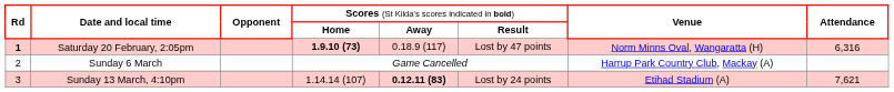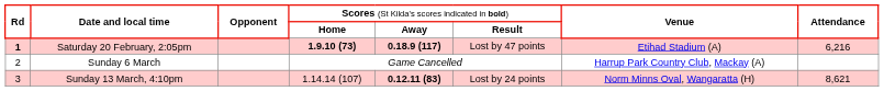 <table border="1" cellpadding="3" cellspacing="0" style="border-collapse:collapse; font-size:90%; text-align:center; width:100%;">
 <tr>
 <td rowspan="2" style="border: solid #ED0F05 2px;"><strong>Rd</strong></td>
 <td rowspan="2" style="border: solid #ED0F05 2px;"><strong>Date and local time</strong></td>
 <td rowspan="2" style="border: solid #ED0F05 2px;"><strong>Opponent</strong></td>
 <td colspan="3" style="border: solid #ED0F05 2px;"><strong>Scores</strong> <small>(St Kilda's scores indicated in <strong>bold</strong>)</small></td>
 <td rowspan="2" style="border: solid #ED0F05 2px;"><strong>Venue</strong></td>
 <td rowspan="2" style="border: solid #ED0F05 2px;"><strong>Attendance</strong></td>
 </tr>
 <tr>
 <th><span>Home</span></th>
 <th><span>Away</span></th>
 <th><span>Result</span></th>
 </tr>
 <tr style="background:#fcc;">
 <td><strong>1</strong></td>
 <td>Saturday 20 February, 2:05pm</td>
 <td></td>
 <td><strong>1.9.10 (73)</strong></td>
-<td>0.18.9 (117)</td>
+<td><strong>0.18.9 (117)</strong></td>
 <td>Lost by 47 points</td>
-<td><a href='#'>Norm Minns Oval</a>, <a href='#'>Wangaratta</a> (H)</td>
-<td>6,316</td>
+<td><a href='#'>Etihad Stadium</a> (A)</td>
+<td>6,216</td>
 </tr>
 <tr style="background:white">
 <td>2</td>
 <td>Sunday 6 March</td>
 <td></td>
 <td colspan="3"><em>Game Cancelled</em></td>
 <td><a href='#'>Harrup Park Country Club</a>, <a href='#'>Mackay</a> (A)</td>
 <td></td>
 </tr>
 <tr style="background:#fcc;">
 <td>3</td>
 <td>Sunday 13 March, 4:10pm</td>
 <td></td>
 <td>1.14.14 (107)</td>
 <td><strong>0.12.11 (83)</strong></td>
 <td>Lost by 24 points</td>
-<td><a href='#'>Etihad Stadium</a> (A)</td>
-<td>7,621</td>
+<td><a href='#'>Norm Minns Oval</a>, <a href='#'>Wangaratta</a> (H)</td>
+<td>8,621</td>
 </tr>
 </table>
